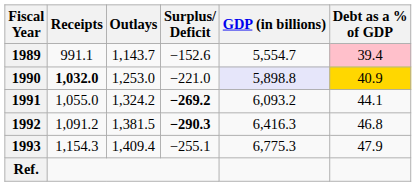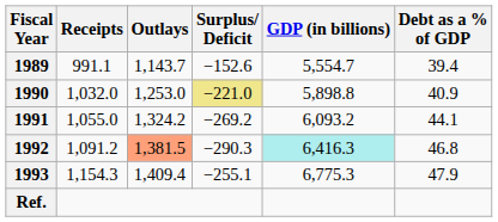 <table class="wikitable" align="right" style="margin-left:1em; text-align:center">
 <tr>
 <th>Fiscal<br>Year</th>
 <th>Receipts</th>
 <th>Outlays</th>
 <th>Surplus/<br>Deficit</th>
 <th><a href='#'>GDP</a> (in billions)</th>
 <th>Debt as a %<br>of GDP</th>
 </tr>
 <tr>
 <th>1989</th>
 <td>991.1</td>
 <td>1,143.7</td>
 <td>−152.6</td>
 <td>5,554.7</td>
-<td style="background: pink;">39.4</td>
+<td>39.4</td>
 </tr>
 <tr>
 <th>1990</th>
-<td><strong>1,032.0</strong></td>
+<td>1,032.0</td>
 <td>1,253.0</td>
-<td>−221.0</td>
-<td style="background: lavender;">5,898.8</td>
-<td style="background: gold;">40.9</td>
+<td style="background: khaki;">−221.0</td>
+<td>5,898.8</td>
+<td>40.9</td>
 </tr>
 <tr>
 <th>1991</th>
 <td>1,055.0</td>
 <td>1,324.2</td>
-<td><strong>−269.2</strong></td>
+<td>−269.2</td>
 <td>6,093.2</td>
 <td>44.1</td>
 </tr>
 <tr>
 <th>1992</th>
 <td>1,091.2</td>
-<td>1,381.5</td>
-<td><strong>−290.3</strong></td>
-<td>6,416.3</td>
+<td style="background: lightsalmon;">1,381.5</td>
+<td>−290.3</td>
+<td style="background: paleturquoise;">6,416.3</td>
 <td>46.8</td>
 </tr>
 <tr>
 <th>1993</th>
 <td>1,154.3</td>
 <td>1,409.4</td>
 <td>−255.1</td>
 <td>6,775.3</td>
 <td>47.9</td>
 </tr>
 <tr>
 <th>Ref.</th>
 <td colspan=3></td>
 <td></td>
 <td></td>
 </tr>
 </table>
